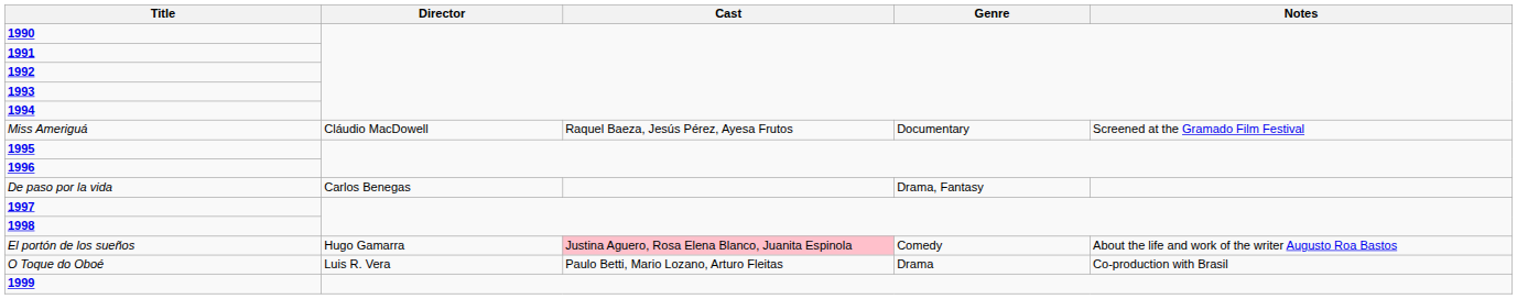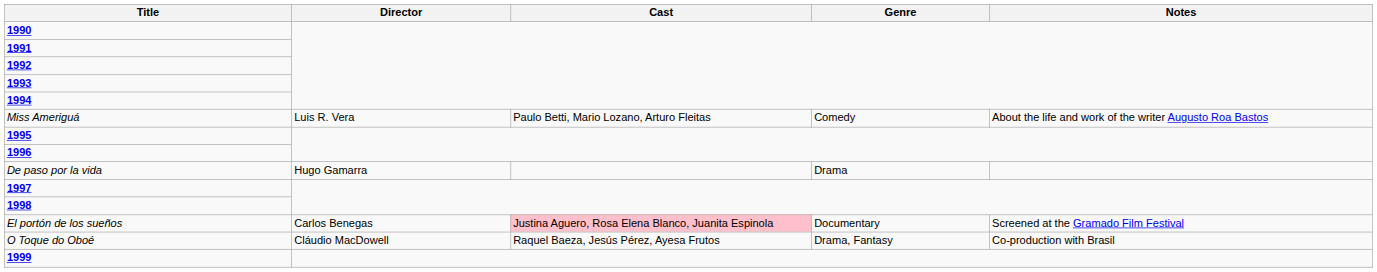 <table class="wikitable" width= "100%">
 <tr>
 <th width=21%>Title</th>
 <th width=16%>Director</th>
 <th width=22%>Cast</th>
 <th width=13%>Genre</th>
 <th width=28%>Notes</th>
 </tr>
 <tr>
 <td><strong><a href='#'>1990</a></strong></td>
 </tr>
 <tr>
 <td><strong><a href='#'>1991</a></strong></td>
 </tr>
 <tr>
 <td><strong><a href='#'>1992</a></strong></td>
 </tr>
 <tr>
 <td><strong><a href='#'>1993</a></strong></td>
 </tr>
 <tr>
 <td><strong><a href='#'>1994</a></strong></td>
 </tr>
 <tr>
 <td><em>Miss Ameriguá</em></td>
-<td>Cláudio MacDowell</td>
-<td>Raquel Baeza, Jesús Pérez, Ayesa Frutos</td>
-<td>Documentary</td>
-<td>Screened at the <a href='#'>Gramado Film Festival</a></td>
+<td>Luis R. Vera</td>
+<td>Paulo Betti, Mario Lozano, Arturo Fleitas</td>
+<td>Comedy</td>
+<td>About the life and work of the writer <a href='#'>Augusto Roa Bastos</a></td>
 </tr>
 <tr>
 <td><strong><a href='#'>1995</a></strong></td>
 </tr>
 <tr>
 <td><strong><a href='#'>1996</a></strong></td>
 </tr>
 <tr>
 <td><em>De paso por la vida</em></td>
-<td>Carlos Benegas</td>
+<td>Hugo Gamarra</td>
 <td></td>
-<td>Drama, Fantasy</td>
+<td>Drama</td>
 <td></td>
 </tr>
 <tr>
 <td><strong><a href='#'>1997</a></strong></td>
 </tr>
 <tr>
 <td><strong><a href='#'>1998</a></strong></td>
 </tr>
 <tr>
 <td><em>El portón de los sueños</em></td>
-<td>Hugo Gamarra</td>
+<td>Carlos Benegas</td>
 <td style="background: pink;">Justina Aguero, Rosa Elena Blanco, Juanita Espinola</td>
-<td>Comedy</td>
-<td>About the life and work of the writer <a href='#'>Augusto Roa Bastos</a></td>
+<td>Documentary</td>
+<td>Screened at the <a href='#'>Gramado Film Festival</a></td>
 </tr>
 <tr>
 <td><em>O Toque do Oboé</em></td>
-<td>Luis R. Vera</td>
-<td>Paulo Betti, Mario Lozano, Arturo Fleitas</td>
-<td>Drama</td>
+<td>Cláudio MacDowell</td>
+<td>Raquel Baeza, Jesús Pérez, Ayesa Frutos</td>
+<td>Drama, Fantasy</td>
 <td>Co-production with Brasil</td>
 </tr>
 <tr>
 <td><strong><a href='#'>1999</a></strong></td>
 </tr>
 </table>
